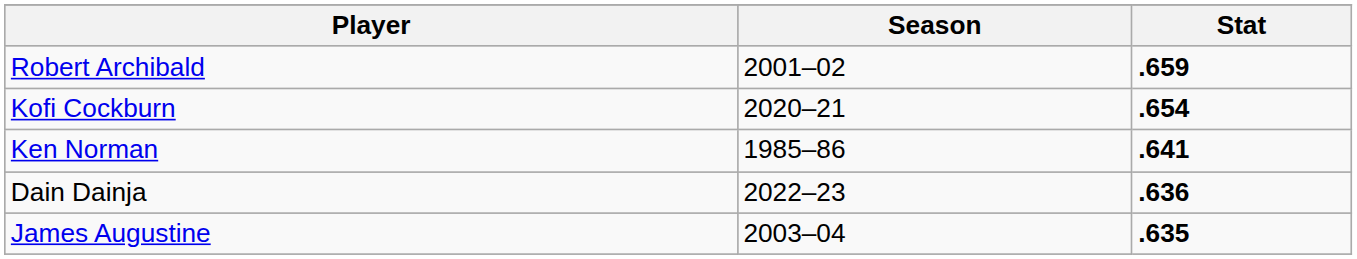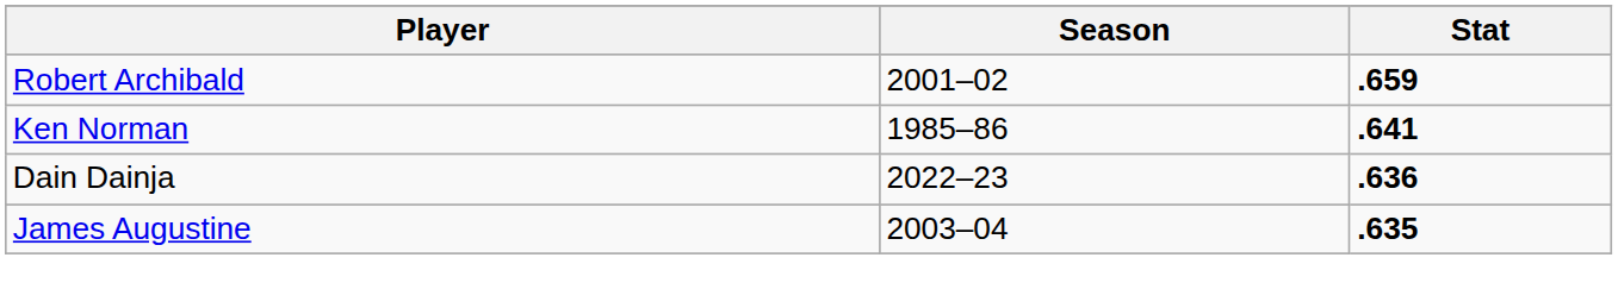 <table class="wikitable sortable" style="text-align: left; width: 65%">
 <tr>
 </tr>
 <tr>
 <th>Player</th>
 <th>Season</th>
 <th>Stat</th>
 </tr>
 <tr>
 <td><a href='#'>Robert Archibald</a></td>
 <td>2001–02</td>
 <td><strong>.659</strong></td>
-</tr>
-<tr>
-<td><a href='#'>Kofi Cockburn</a></td>
-<td>2020–21</td>
-<td><strong>.654</strong></td>
 </tr>
 <tr>
 <td><a href='#'>Ken Norman</a></td>
 <td>1985–86</td>
 <td><strong>.641</strong></td>
 </tr>
 <tr>
 <td>Dain Dainja</td>
 <td>2022–23</td>
 <td><strong>.636</strong></td>
 </tr>
 <tr>
 <td><a href='#'>James Augustine</a></td>
 <td>2003–04</td>
 <td><strong>.635</strong></td>
 </tr>
 </table>
